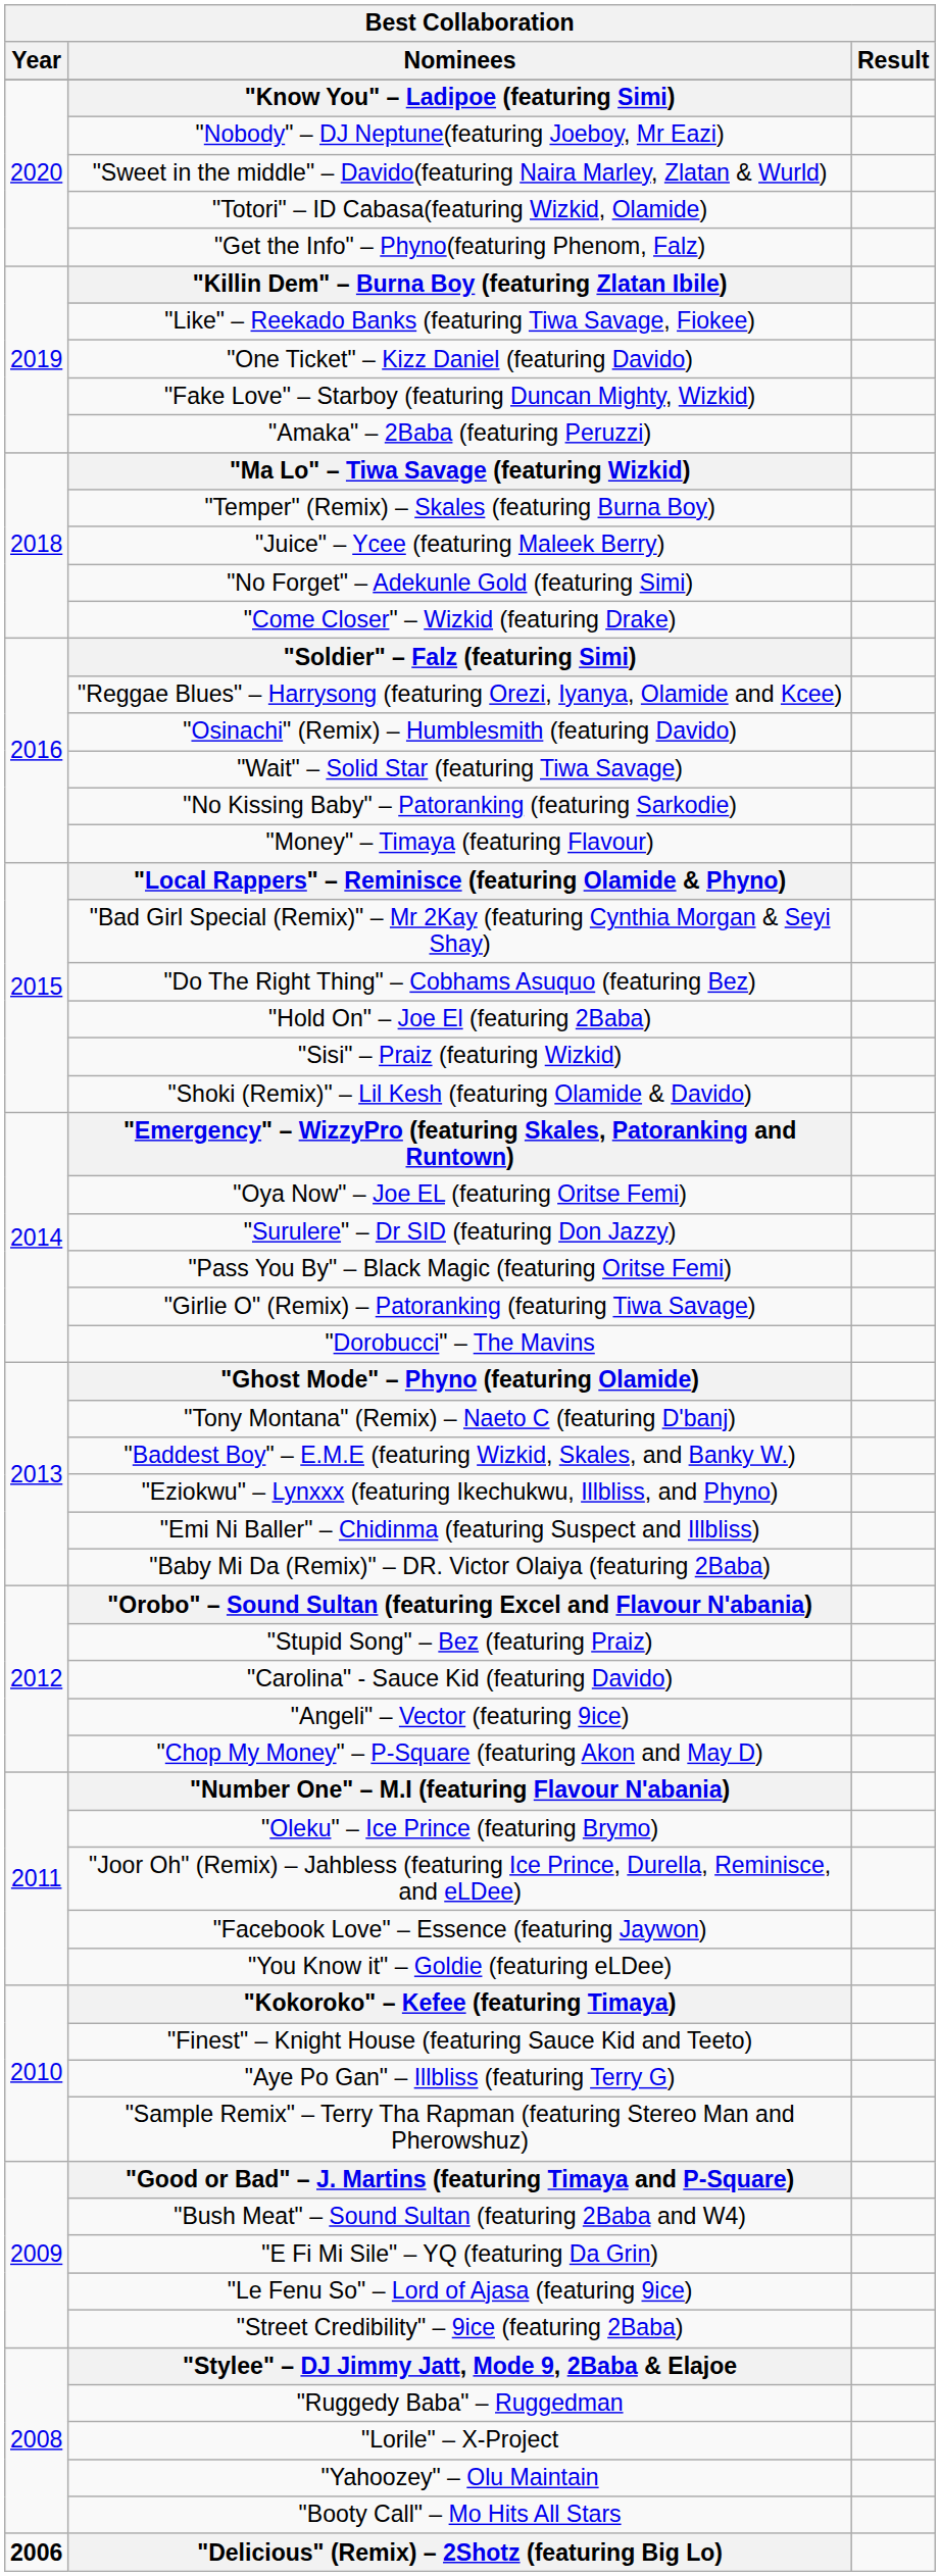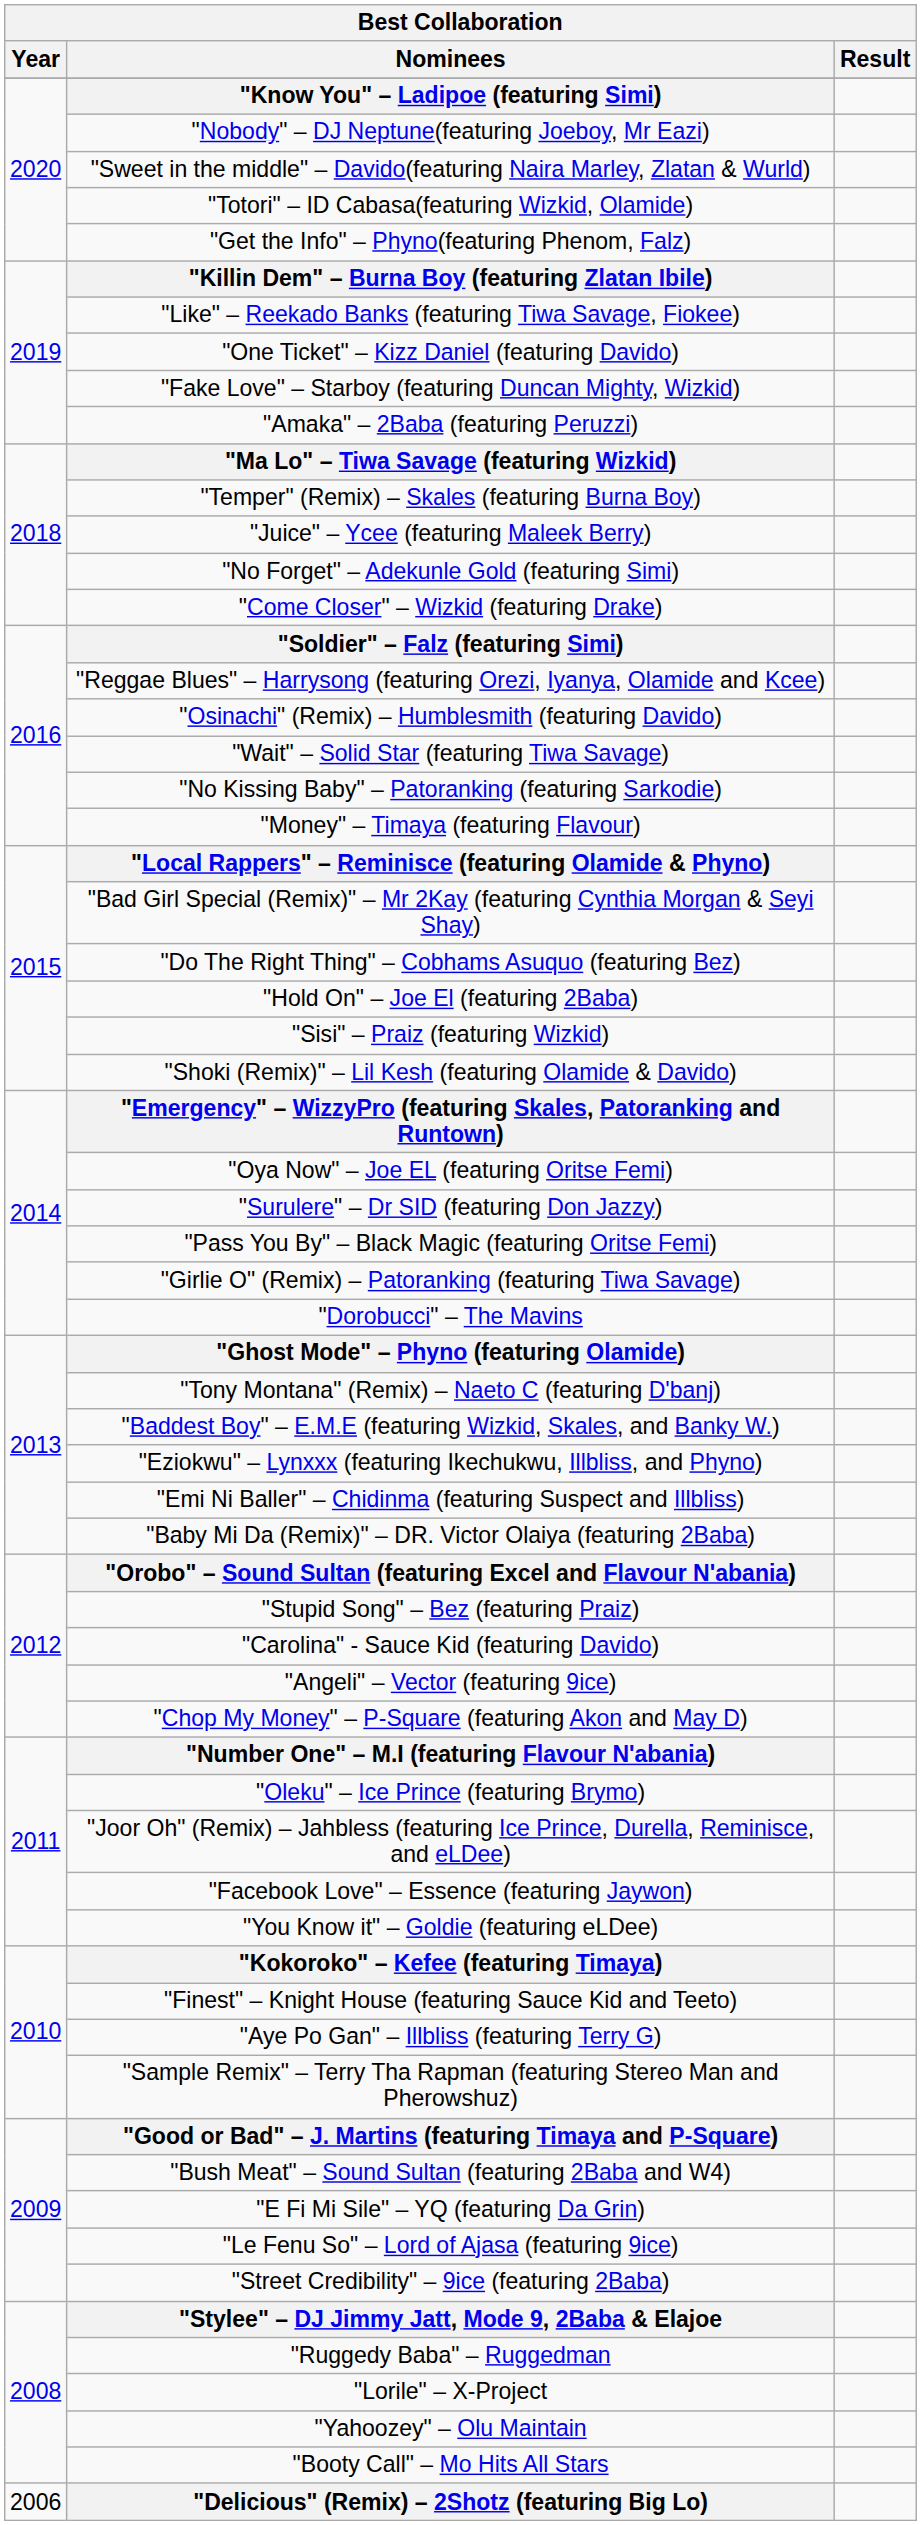 <table class="wikitable"  style="text-align:center; width:40%;">
 <tr>
 <th colspan="3">Best Collaboration</th>
 </tr>
 <tr>
 <th>Year</th>
 <th>Nominees</th>
 <th>Result</th>
 </tr>
 <tr>
 </tr>
 <tr>
 <td rowspan="5"><a href='#'>2020</a><br></td>
 <th>"Know You" – <a href='#'>Ladipoe</a> (featuring <a href='#'>Simi</a>)</th>
 <td></td>
 </tr>
 <tr>
 <td>"<a href='#'>Nobody</a>" – <a href='#'>DJ Neptune</a>(featuring <a href='#'>Joeboy</a>, <a href='#'>Mr Eazi</a>)</td>
 <td></td>
 </tr>
 <tr>
 <td>"Sweet in the middle" – <a href='#'>Davido</a>(featuring <a href='#'>Naira Marley</a>, <a href='#'>Zlatan</a> & <a href='#'>Wurld</a>)</td>
 <td></td>
 </tr>
 <tr>
 <td>"Totori" – ID Cabasa(featuring <a href='#'>Wizkid</a>, <a href='#'>Olamide</a>)</td>
 <td></td>
 </tr>
 <tr>
 <td>"Get the Info" – <a href='#'>Phyno</a>(featuring Phenom, <a href='#'>Falz</a>)</td>
 <td></td>
 </tr>
 <tr>
 <td rowspan="5"><a href='#'>2019</a></td>
 <th>"Killin Dem" – <a href='#'>Burna Boy</a> <span>(featuring <a href='#'>Zlatan Ibile</a>)</span></th>
 <td></td>
 </tr>
 <tr>
 <td>"Like" – <a href='#'>Reekado Banks</a> <span>(featuring <a href='#'>Tiwa Savage</a>, <a href='#'>Fiokee</a>)</span></td>
 <td></td>
 </tr>
 <tr>
 <td>"One Ticket" – <a href='#'>Kizz Daniel</a> <span>(featuring <a href='#'>Davido</a>)</span></td>
 <td></td>
 </tr>
 <tr>
 <td>"Fake Love" – Starboy <span>(featuring <a href='#'>Duncan Mighty</a>, <a href='#'>Wizkid</a>)</span></td>
 <td></td>
 </tr>
 <tr>
 <td>"Amaka" – <a href='#'>2Baba</a> <span>(featuring <a href='#'>Peruzzi</a>)</span></td>
 <td></td>
 </tr>
 <tr>
 <td rowspan="5"><a href='#'>2018</a></td>
 <th>"Ma Lo" – <a href='#'>Tiwa Savage</a> <span>(featuring <a href='#'>Wizkid</a>)</span></th>
 <td></td>
 </tr>
 <tr>
 <td>"Temper" (Remix) – <a href='#'>Skales</a> <span>(featuring <a href='#'>Burna Boy</a>)</span></td>
 <td></td>
 </tr>
 <tr>
 <td>"Juice" – <a href='#'>Ycee</a> <span>(featuring <a href='#'>Maleek Berry</a>)</span></td>
 <td></td>
 </tr>
 <tr>
 <td>"No Forget" – <a href='#'>Adekunle Gold</a> <span>(featuring <a href='#'>Simi</a>)</span></td>
 <td></td>
 </tr>
 <tr>
 <td>"<a href='#'>Come Closer</a>" – <a href='#'>Wizkid</a> <span>(featuring <a href='#'>Drake</a>)</span></td>
 <td></td>
 </tr>
 <tr>
 <td rowspan="6"><a href='#'>2016</a></td>
 <th>"Soldier" – <a href='#'>Falz</a> <span>(featuring <a href='#'>Simi</a>)</span></th>
 <td></td>
 </tr>
 <tr>
 <td>"Reggae Blues" – <a href='#'>Harrysong</a> <span>(featuring <a href='#'>Orezi</a>, <a href='#'>Iyanya</a>, <a href='#'>Olamide</a> and <a href='#'>Kcee</a>)</span></td>
 <td></td>
 </tr>
 <tr>
 <td>"<a href='#'>Osinachi</a>" (Remix) – <a href='#'>Humblesmith</a> <span>(featuring <a href='#'>Davido</a>)</span></td>
 <td></td>
 </tr>
 <tr>
 <td>"Wait" – <a href='#'>Solid Star</a> <span>(featuring <a href='#'>Tiwa Savage</a>)</span></td>
 <td></td>
 </tr>
 <tr>
 <td>"No Kissing Baby" – <a href='#'>Patoranking</a> <span>(featuring <a href='#'>Sarkodie</a>)</span></td>
 <td></td>
 </tr>
 <tr>
 <td>"Money" – <a href='#'>Timaya</a> <span>(featuring <a href='#'>Flavour</a>)</span></td>
 </tr>
 <tr>
 <td rowspan="6"><a href='#'>2015</a></td>
 <th>"<a href='#'>Local Rappers</a>" – <a href='#'>Reminisce</a> <span>(featuring <a href='#'>Olamide</a> & <a href='#'>Phyno</a>)</span></th>
 <td></td>
 </tr>
 <tr>
 <td>"Bad Girl Special (Remix)" – <a href='#'>Mr 2Kay</a> <span>(featuring <a href='#'>Cynthia Morgan</a> & <a href='#'>Seyi Shay</a>)</span></td>
 <td></td>
 </tr>
 <tr>
 <td>"Do The Right Thing" – <a href='#'>Cobhams Asuquo</a> <span>(featuring <a href='#'>Bez</a>)</span></td>
 <td></td>
 </tr>
 <tr>
 <td>"Hold On" – <a href='#'>Joe El</a> <span>(featuring <a href='#'>2Baba</a>)</span></td>
 <td></td>
 </tr>
 <tr>
 <td>"Sisi" – <a href='#'>Praiz</a> <span>(featuring <a href='#'>Wizkid</a>)</span></td>
 <td></td>
 </tr>
 <tr>
 <td>"Shoki (Remix)" – <a href='#'>Lil Kesh</a> <span>(featuring <a href='#'>Olamide</a> & <a href='#'>Davido</a>)</span></td>
 <td></td>
 </tr>
 <tr>
 <td rowspan="6"><a href='#'>2014</a></td>
 <th>"<a href='#'>Emergency</a>" – <a href='#'>WizzyPro</a> <span>(featuring <a href='#'>Skales</a>, <a href='#'>Patoranking</a> and <a href='#'>Runtown</a>)</span></th>
 <td></td>
 </tr>
 <tr>
 <td>"Oya Now" – <a href='#'>Joe EL</a> <span>(featuring <a href='#'>Oritse Femi</a>)</span></td>
 <td></td>
 </tr>
 <tr>
 <td>"<a href='#'>Surulere</a>" – <a href='#'>Dr SID</a> <span>(featuring <a href='#'>Don Jazzy</a>)</span></td>
 <td></td>
 </tr>
 <tr>
 <td>"Pass You By" – Black Magic <span>(featuring <a href='#'>Oritse Femi</a>)</span></td>
 <td></td>
 </tr>
 <tr>
 <td>"Girlie O" (Remix) – <a href='#'>Patoranking</a> <span>(featuring <a href='#'>Tiwa Savage</a>)</span></td>
 <td></td>
 </tr>
 <tr>
 <td>"<a href='#'>Dorobucci</a>" – <a href='#'>The Mavins</a></td>
 <td></td>
 </tr>
 <tr>
 <td rowspan="6"><a href='#'>2013</a></td>
 <th>"Ghost Mode" – <a href='#'>Phyno</a> (featuring <a href='#'>Olamide</a>)</th>
 <td></td>
 </tr>
 <tr>
 <td>"Tony Montana" (Remix) – <a href='#'>Naeto C</a> <span>(featuring <a href='#'>D'banj</a>)</span></td>
 <td></td>
 </tr>
 <tr>
 <td>"<a href='#'>Baddest Boy</a>" – <a href='#'>E.M.E</a> <span>(featuring <a href='#'>Wizkid</a>, <a href='#'>Skales</a>, and <a href='#'>Banky W.</a>)</span></td>
 <td></td>
 </tr>
 <tr>
 <td>"Eziokwu" – <a href='#'>Lynxxx</a> <span>(featuring Ikechukwu, <a href='#'>Illbliss</a>, and <a href='#'>Phyno</a>)</span></td>
 <td></td>
 </tr>
 <tr>
 <td>"Emi Ni Baller" – <a href='#'>Chidinma</a> <span>(featuring Suspect and <a href='#'>Illbliss</a>)</span></td>
 <td></td>
 </tr>
 <tr>
 <td>"Baby Mi Da (Remix)" – DR. Victor Olaiya <span>(featuring <a href='#'>2Baba</a>)</span></td>
 <td></td>
 </tr>
 <tr>
 <td rowspan="5"><a href='#'>2012</a></td>
 <th>"Orobo" – <a href='#'>Sound Sultan</a> <span>(featuring Excel and <a href='#'>Flavour N'abania</a>)</span></th>
 <td></td>
 </tr>
 <tr>
 <td>"Stupid Song" – <a href='#'>Bez</a> <span>(featuring <a href='#'>Praiz</a>)</span></td>
 <td></td>
 </tr>
 <tr>
 <td>"Carolina" - Sauce Kid <span>(featuring <a href='#'>Davido</a>)</span></td>
 <td></td>
 </tr>
 <tr>
 <td>"Angeli" – <a href='#'>Vector</a> <span>(featuring <a href='#'>9ice</a>)</span></td>
 <td></td>
 </tr>
 <tr>
 <td>"<a href='#'>Chop My Money</a>" – <a href='#'>P-Square</a> <span>(featuring <a href='#'>Akon</a> and <a href='#'>May D</a>)</span></td>
 <td></td>
 </tr>
 <tr>
 <td rowspan="5"><a href='#'>2011</a></td>
 <th>"Number One" – M.I <span>(featuring <a href='#'>Flavour N'abania</a>)</span></th>
 <td></td>
 </tr>
 <tr>
 <td>"<a href='#'>Oleku</a>" – <a href='#'>Ice Prince</a> <span>(featuring <a href='#'>Brymo</a>)</span></td>
 <td></td>
 </tr>
 <tr>
 <td>"Joor Oh" (Remix) – Jahbless <span>(featuring <a href='#'>Ice Prince</a>, <a href='#'>Durella</a>, <a href='#'>Reminisce</a>, and <a href='#'>eLDee</a>)</span></td>
 <td></td>
 </tr>
 <tr>
 <td>"Facebook Love" – Essence <span>(featuring <a href='#'>Jaywon</a>)</span></td>
 <td></td>
 </tr>
 <tr>
 <td>"You Know it" – <a href='#'>Goldie</a> <span>(featuring eLDee)</span></td>
 <td></td>
 </tr>
 <tr>
 <td rowspan="4"><a href='#'>2010</a></td>
 <th>"Kokoroko" – <a href='#'>Kefee</a> <span>(featuring <a href='#'>Timaya</a>)</span></th>
 <td></td>
 </tr>
 <tr>
 <td>"Finest" – Knight House <span>(featuring Sauce Kid and Teeto)</span></td>
 <td></td>
 </tr>
 <tr>
 <td>"Aye Po Gan" – <a href='#'>Illbliss</a> <span>(featuring <a href='#'>Terry G</a>)</span></td>
 <td></td>
 </tr>
 <tr>
 <td>"Sample Remix" – Terry Tha Rapman <span>(featuring Stereo Man and Pherowshuz)</span></td>
 <td></td>
 </tr>
 <tr>
 <td rowspan="5"><a href='#'>2009</a></td>
 <th>"Good or Bad" – <a href='#'>J. Martins</a> <span>(featuring <a href='#'>Timaya</a> and <a href='#'>P-Square</a>)</span></th>
 <td></td>
 </tr>
 <tr>
 <td>"Bush Meat" – <a href='#'>Sound Sultan</a> <span>(featuring <a href='#'>2Baba</a> and W4)</span></td>
 <td></td>
 </tr>
 <tr>
 <td>"E Fi Mi Sile" – YQ <span>(featuring <a href='#'>Da Grin</a>)</span></td>
 <td></td>
 </tr>
 <tr>
 <td>"Le Fenu So" – <a href='#'>Lord of Ajasa</a> <span>(featuring <a href='#'>9ice</a>)</span></td>
 <td></td>
 </tr>
 <tr>
 <td>"Street Credibility" – <a href='#'>9ice</a> <span>(featuring <a href='#'>2Baba</a>)</span></td>
 <td></td>
 </tr>
 <tr>
 <td rowspan="5"><a href='#'>2008</a></td>
 <th>"Stylee" – <a href='#'>DJ Jimmy Jatt</a>, <a href='#'>Mode 9</a>, <a href='#'>2Baba</a> & Elajoe</th>
 <td></td>
 </tr>
 <tr>
 <td>"Ruggedy Baba" – <a href='#'>Ruggedman</a></td>
 <td></td>
 </tr>
 <tr>
 <td>"Lorile" –  X-Project</td>
 <td></td>
 </tr>
 <tr>
 <td>"Yahoozey" – <a href='#'>Olu Maintain</a></td>
 <td></td>
 </tr>
 <tr>
 <td>"Booty Call" – <a href='#'>Mo Hits All Stars</a></td>
 <td></td>
 </tr>
 <tr>
-<td><strong>2006</strong></td>
+<td>2006</td>
 <th>"Delicious" (Remix) – <a href='#'>2Shotz</a> <span>(featuring Big Lo)</span></th>
 <td></td>
 </tr>
 </table>
